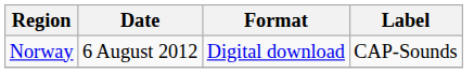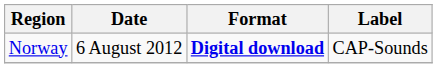 <table class=wikitable>
 <tr>
 <th>Region</th>
 <th>Date</th>
 <th>Format</th>
 <th>Label</th>
 </tr>
 <tr>
 <td><a href='#'>Norway</a></td>
 <td>6 August 2012</td>
-<td><a href='#'>Digital download</a></td>
+<td><strong><a href='#'>Digital download</a></strong></td>
 <td>CAP-Sounds</td>
 </tr>
 <tr>
 </tr>
 </table>
